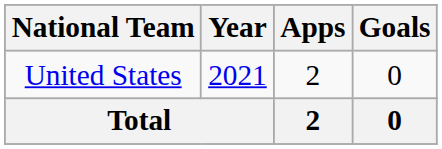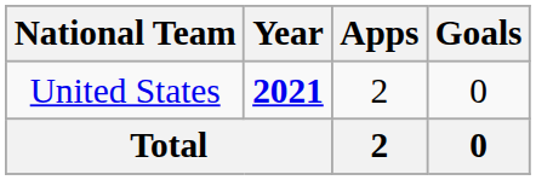 <table class="wikitable" style="text-align:center">
 <tr>
 <th>National Team</th>
 <th>Year</th>
 <th>Apps</th>
 <th>Goals</th>
 </tr>
 <tr>
 <td><a href='#'>United States</a></td>
-<td><a href='#'>2021</a></td>
+<td><strong><a href='#'>2021</a></strong></td>
 <td>2</td>
 <td>0</td>
 </tr>
 <tr>
 <th colspan=2>Total</th>
 <th>2</th>
 <th>0</th>
 </tr>
 </table>
